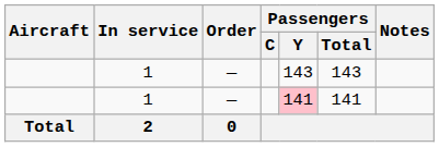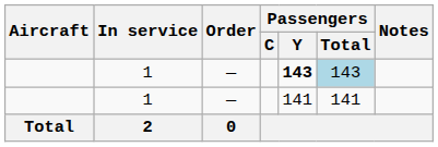 <table class="wikitable sortable" style="text-align:center">
 <tr>
 <th rowspan=2>Aircraft</th>
 <th rowspan=2>In service</th>
 <th rowspan=2>Order</th>
 <th colspan=3>Passengers</th>
 <th rowspan=2>Notes</th>
 </tr>
 <tr>
 <th><abbr>C</abbr></th>
 <th><abbr>Y</abbr></th>
 <th>Total</th>
 </tr>
 <tr>
 <td></td>
 <td>1</td>
 <td>—</td>
 <td></td>
-<td>143</td>
-<td>143</td>
+<td><strong>143</strong></td>
+<td style="background: lightblue;">143</td>
 <td></td>
 </tr>
 <tr>
 <td></td>
 <td>1</td>
 <td>—</td>
 <td></td>
-<td style="background: pink;">141</td>
+<td>141</td>
 <td>141</td>
 <td></td>
 </tr>
 <tr>
 <th>Total</th>
 <th>2</th>
 <th>0</th>
 <th colspan=4></th>
 </tr>
 </table>
